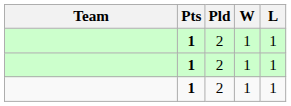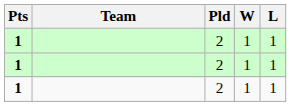 <table class=wikitable style="text-align:center">
 <tr>
+<th width=20>Pts</th>
 <th width=175>Team</th>
-<th width=20>Pts</th>
 <th width=20>Pld</th>
 <th width=20>W</th>
 <th width=20>L</th>
 </tr>
 <tr bgcolor="#ccffcc">
+<td><strong>1</strong></td>
 <td style="text-align:left"></td>
-<td><strong>1</strong></td>
 <td>2</td>
 <td>1</td>
 <td>1</td>
 </tr>
 <tr bgcolor="#ccffcc">
+<td><strong>1</strong></td>
 <td style="text-align:left"></td>
-<td><strong>1</strong></td>
 <td>2</td>
 <td>1</td>
 <td>1</td>
 </tr>
 <tr>
+<td><strong>1</strong></td>
 <td style="text-align:left"></td>
-<td><strong>1</strong></td>
 <td>2</td>
 <td>1</td>
 <td>1</td>
 </tr>
 </table>
